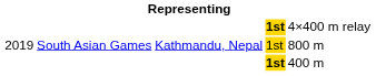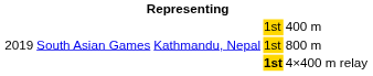 <table>
 <tr>
 <th colspan="6">Representing </th>
 </tr>
 <tr>
 <td rowspan=3>2019</td>
 <td rowspan=3><a href='#'>South Asian Games</a></td>
 <td rowspan=3><a href='#'>Kathmandu, Nepal</a></td>
-<td bgcolor=gold><strong>1st</strong></td>
-<td>4×400 m relay</td>
+<td bgcolor=gold>1st</td>
+<td>400 m</td>
 <td></td>
 </tr>
 <tr>
 <td bgcolor=gold>1st</td>
 <td>800 m</td>
 <td></td>
 </tr>
 <tr>
 <td bgcolor=gold><strong>1st</strong></td>
-<td>400 m</td>
+<td>4×400 m relay</td>
 <td></td>
 </tr>
 </table>
